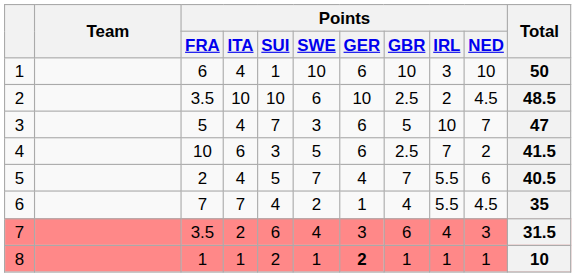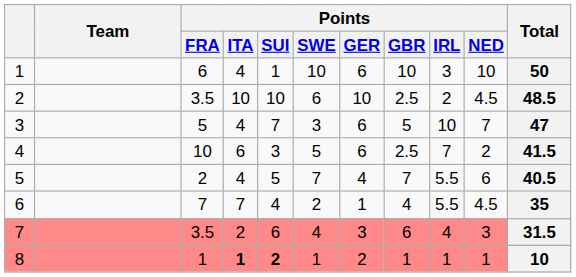 <table class="wikitable" style="font-size:95%; text-align:center">
 <tr>
 <th rowspan=2 width=20></th>
 <th rowspan=2 width=125>Team</th>
 <th colspan=8>Points</th>
 <th rowspan=2 width=50>Total</th>
 </tr>
 <tr valign="top">
 <th><a href='#'>FRA</a><br></th>
 <th><a href='#'>ITA</a><br></th>
 <th><a href='#'>SUI</a><br></th>
 <th><a href='#'>SWE</a><br></th>
 <th><a href='#'>GER</a><br></th>
 <th><a href='#'>GBR</a><br></th>
 <th><a href='#'>IRL</a><br></th>
 <th><a href='#'>NED</a><br></th>
 </tr>
 <tr>
 <td>1</td>
 <td align=left></td>
 <td>6</td>
 <td>4</td>
 <td>1</td>
 <td>10</td>
 <td>6</td>
 <td>10</td>
 <td>3</td>
 <td>10</td>
 <th>50</th>
 </tr>
 <tr>
 <td>2</td>
 <td align=left></td>
 <td>3.5</td>
 <td>10</td>
 <td>10</td>
 <td>6</td>
 <td>10</td>
 <td>2.5</td>
 <td>2</td>
 <td>4.5</td>
 <th>48.5</th>
 </tr>
 <tr>
 <td>3</td>
 <td align=left></td>
 <td>5</td>
 <td>4</td>
 <td>7</td>
 <td>3</td>
 <td>6</td>
 <td>5</td>
 <td>10</td>
 <td>7</td>
 <th>47</th>
 </tr>
 <tr>
 <td>4</td>
 <td align=left></td>
 <td>10</td>
 <td>6</td>
 <td>3</td>
 <td>5</td>
 <td>6</td>
 <td>2.5</td>
 <td>7</td>
 <td>2</td>
 <th>41.5</th>
 </tr>
 <tr>
 <td>5</td>
 <td align=left></td>
 <td>2</td>
 <td>4</td>
 <td>5</td>
 <td>7</td>
 <td>4</td>
 <td>7</td>
 <td>5.5</td>
 <td>6</td>
 <th>40.5</th>
 </tr>
 <tr>
 <td>6</td>
 <td align=left></td>
 <td>7</td>
 <td>7</td>
 <td>4</td>
 <td>2</td>
 <td>1</td>
 <td>4</td>
 <td>5.5</td>
 <td>4.5</td>
 <th>35</th>
 </tr>
 <tr bgcolor=#FF8888>
 <td>7</td>
 <td align=left></td>
 <td>3.5</td>
 <td>2</td>
 <td>6</td>
 <td>4</td>
 <td>3</td>
 <td>6</td>
 <td>4</td>
 <td>3</td>
 <th>31.5</th>
 </tr>
 <tr bgcolor=#FF8888>
 <td>8</td>
 <td align=left></td>
 <td>1</td>
+<td><strong>1</strong></td>
+<td><strong>2</strong></td>
 <td>1</td>
 <td>2</td>
-<td>1</td>
-<td><strong>2</strong></td>
 <td>1</td>
 <td>1</td>
 <td>1</td>
 <th>10</th>
 </tr>
 </table>
